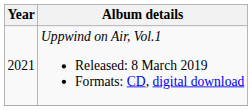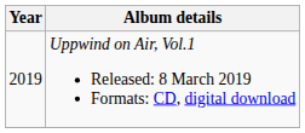 <table class="wikitable" border="1">
 <tr>
 <th>Year</th>
 <th>Album details</th>
 </tr>
 <tr>
-<td>2021</td>
+<td>2019</td>
 <td><em>Uppwind on Air, Vol.1</em><br><ul><li>Released: 8 March 2019</li><li>Formats: <a href='#'>CD</a>, <a href='#'>digital download</a></li></ul></td>
 </tr>
 <tr>
 </tr>
 </table>
